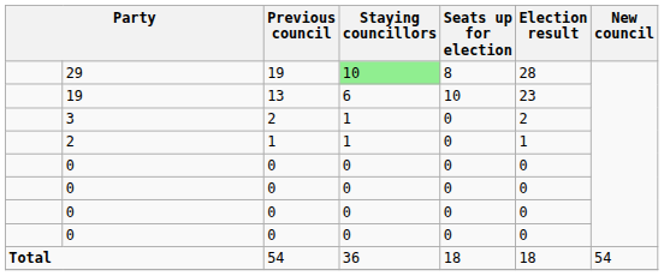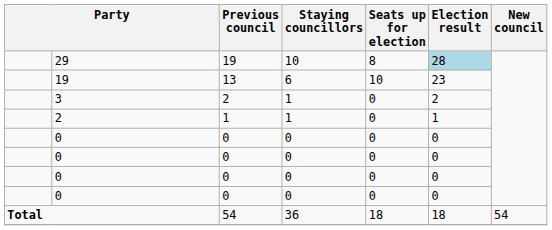 <table class="wikitable">
 <tr>
 <th valign=top colspan="2" style="width: 230px">Party</th>
 <th valign=top style="width: 30px">Previous council</th>
 <th valign=top style="width: 30px">Staying councillors</th>
 <th valign=top style="width: 30px">Seats up for election</th>
 <th valign=top style="width: 30px">Election result</th>
 <th valign=top style="width: 30px">New council</th>
 </tr>
 <tr>
 <td></td>
 <td>29</td>
 <td>19</td>
-<td style="background: lightgreen;">10</td>
+<td>10</td>
 <td>8</td>
-<td>28</td>
+<td style="background: lightblue;">28</td>
 </tr>
 <tr>
 <td></td>
 <td>19</td>
 <td>13</td>
 <td>6</td>
 <td>10</td>
 <td>23</td>
 </tr>
 <tr>
 <td></td>
 <td>3</td>
 <td>2</td>
 <td>1</td>
 <td>0</td>
 <td>2</td>
 </tr>
 <tr>
 <td></td>
 <td>2</td>
 <td>1</td>
 <td>1</td>
 <td>0</td>
 <td>1</td>
 </tr>
 <tr>
 <td></td>
 <td>0</td>
 <td>0</td>
 <td>0</td>
 <td>0</td>
 <td>0</td>
 </tr>
 <tr>
 <td></td>
 <td>0</td>
 <td>0</td>
 <td>0</td>
 <td>0</td>
 <td>0</td>
 </tr>
 <tr>
 <td></td>
 <td>0</td>
 <td>0</td>
 <td>0</td>
 <td>0</td>
 <td>0</td>
 </tr>
 <tr>
 <td></td>
 <td>0</td>
 <td>0</td>
 <td>0</td>
 <td>0</td>
 <td>0</td>
 </tr>
 <tr>
 <td colspan="2"><strong>Total</strong></td>
 <td>54</td>
 <td>36</td>
 <td>18</td>
 <td>18</td>
 <td>54</td>
 </tr>
 <tr>
 </tr>
 </table>
